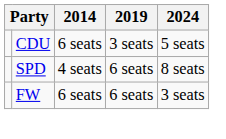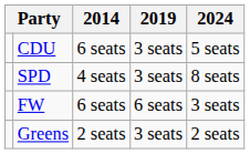 <table class="wikitable">
 <tr>
 <th colspan="2">Party</th>
 <th>2014</th>
 <th>2019</th>
 <th>2024</th>
 </tr>
 <tr>
 <td></td>
 <td><a href='#'>CDU</a></td>
 <td>6 seats</td>
 <td>3 seats</td>
 <td>5 seats</td>
 </tr>
 <tr>
 <td></td>
 <td><a href='#'>SPD</a></td>
 <td>4 seats</td>
-<td>6 seats</td>
+<td>3 seats</td>
 <td>8 seats</td>
 </tr>
 <tr>
 <td></td>
 <td><a href='#'>FW</a></td>
 <td>6 seats</td>
 <td>6 seats</td>
 <td>3 seats</td>
 </tr>
+<tr>
+<td></td>
+<td><a href='#'>Greens</a></td>
+<td>2 seats</td>
+<td>3 seats</td>
+<td>2 seats</td>
+</tr>
 </table>
